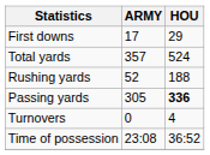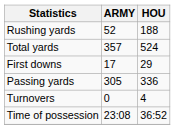 <table class="wikitable" style="float: left;">
 <tr>
 <th>Statistics</th>
 <th>ARMY</th>
 <th>HOU</th>
 </tr>
 <tr>
-<td>First downs</td>
-<td>17</td>
-<td>29</td>
+<td>Rushing yards</td>
+<td>52</td>
+<td>188</td>
 </tr>
 <tr>
 <td>Total yards</td>
 <td>357</td>
 <td>524</td>
 </tr>
 <tr>
-<td>Rushing yards</td>
-<td>52</td>
-<td>188</td>
+<td>First downs</td>
+<td>17</td>
+<td>29</td>
 </tr>
 <tr>
 <td>Passing yards</td>
 <td>305</td>
-<td><strong>336</strong></td>
+<td>336</td>
 </tr>
 <tr>
 <td>Turnovers</td>
 <td>0</td>
 <td>4</td>
 </tr>
 <tr>
 <td>Time of possession</td>
 <td>23:08</td>
 <td>36:52</td>
 </tr>
 <tr>
 </tr>
 </table>
